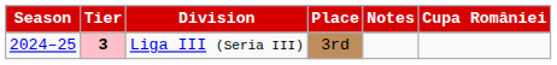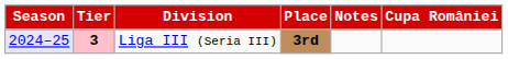 <table class="wikitable" style="text-align:center; font-size:90%">
 <tr>
 <th style="background:#d50000; color:white; text-align:center;">Season</th>
 <th style="background:#d50000; color:white; text-align:center;">Tier</th>
 <th style="background:#d50000; color:white; text-align:center;">Division</th>
 <th style="background:#d50000; color:white; text-align:center;">Place</th>
 <th style="background:#d50000; color:white; text-align:center;">Notes</th>
 <th style="background:#d50000; color:white; text-align:center;">Cupa României</th>
 </tr>
 <tr>
-<td><a href='#'>2024–25</a></td>
+<td style="background: lavender;"><a href='#'>2024–25</a></td>
 <td style="background: pink;"><strong>3</strong></td>
 <td><a href='#'>Liga III</a> <small>(Seria III)</small></td>
-<td align=center bgcolor=#BF8D5B>3rd</td>
+<td align=center bgcolor=#BF8D5B><strong>3rd</strong></td>
 <td></td>
 </tr>
 </table>
